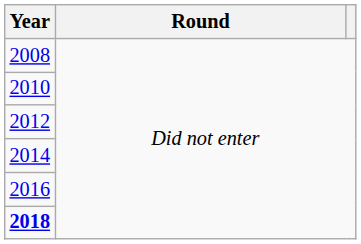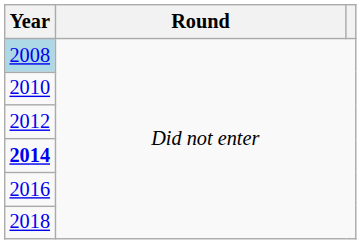 <table class="wikitable" style="text-align: center; font-size:90%">
 <tr>
 <th>Year</th>
 <th style="width:200px">Round</th>
 <th></th>
 </tr>
 <tr>
-<td><a href='#'>2008</a></td>
+<td style="background: lightblue;"><a href='#'>2008</a></td>
 <td colspan="2" rowspan="6"><em>Did not enter</em></td>
 </tr>
 <tr>
 <td><a href='#'>2010</a></td>
 </tr>
 <tr>
 <td><a href='#'>2012</a></td>
 </tr>
 <tr>
-<td><a href='#'>2014</a></td>
+<td><strong><a href='#'>2014</a></strong></td>
 </tr>
 <tr>
 <td><a href='#'>2016</a></td>
 </tr>
 <tr>
-<td><strong><a href='#'>2018</a></strong></td>
+<td><a href='#'>2018</a></td>
 </tr>
 </table>
